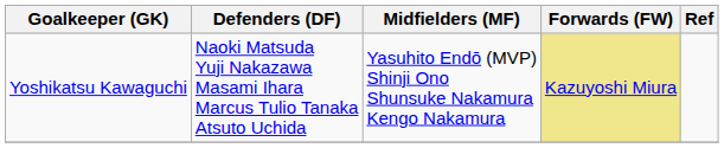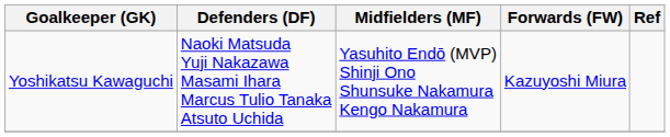 <table class="wikitable" style="text-align:left; font-size:100%;">
 <tr style="background:#cccccc;">
 <th>Goalkeeper (GK)</th>
 <th>Defenders (DF)</th>
 <th>Midfielders (MF)</th>
 <th>Forwards (FW)</th>
 <th>Ref</th>
 </tr>
 <tr>
 <td> <a href='#'>Yoshikatsu Kawaguchi</a></td>
 <td> <a href='#'>Naoki Matsuda</a> <br> <a href='#'>Yuji Nakazawa</a> <br> <a href='#'>Masami Ihara</a> <br> <a href='#'>Marcus Tulio Tanaka</a><br> <a href='#'>Atsuto Uchida</a></td>
 <td> <a href='#'>Yasuhito Endō</a> (MVP)<br> <a href='#'>Shinji Ono</a> <br> <a href='#'>Shunsuke Nakamura</a> <br> <a href='#'>Kengo Nakamura</a></td>
-<td style="background: khaki;"> <a href='#'>Kazuyoshi Miura</a></td>
+<td> <a href='#'>Kazuyoshi Miura</a></td>
 <td></td>
 </tr>
 <tr>
 </tr>
 </table>
